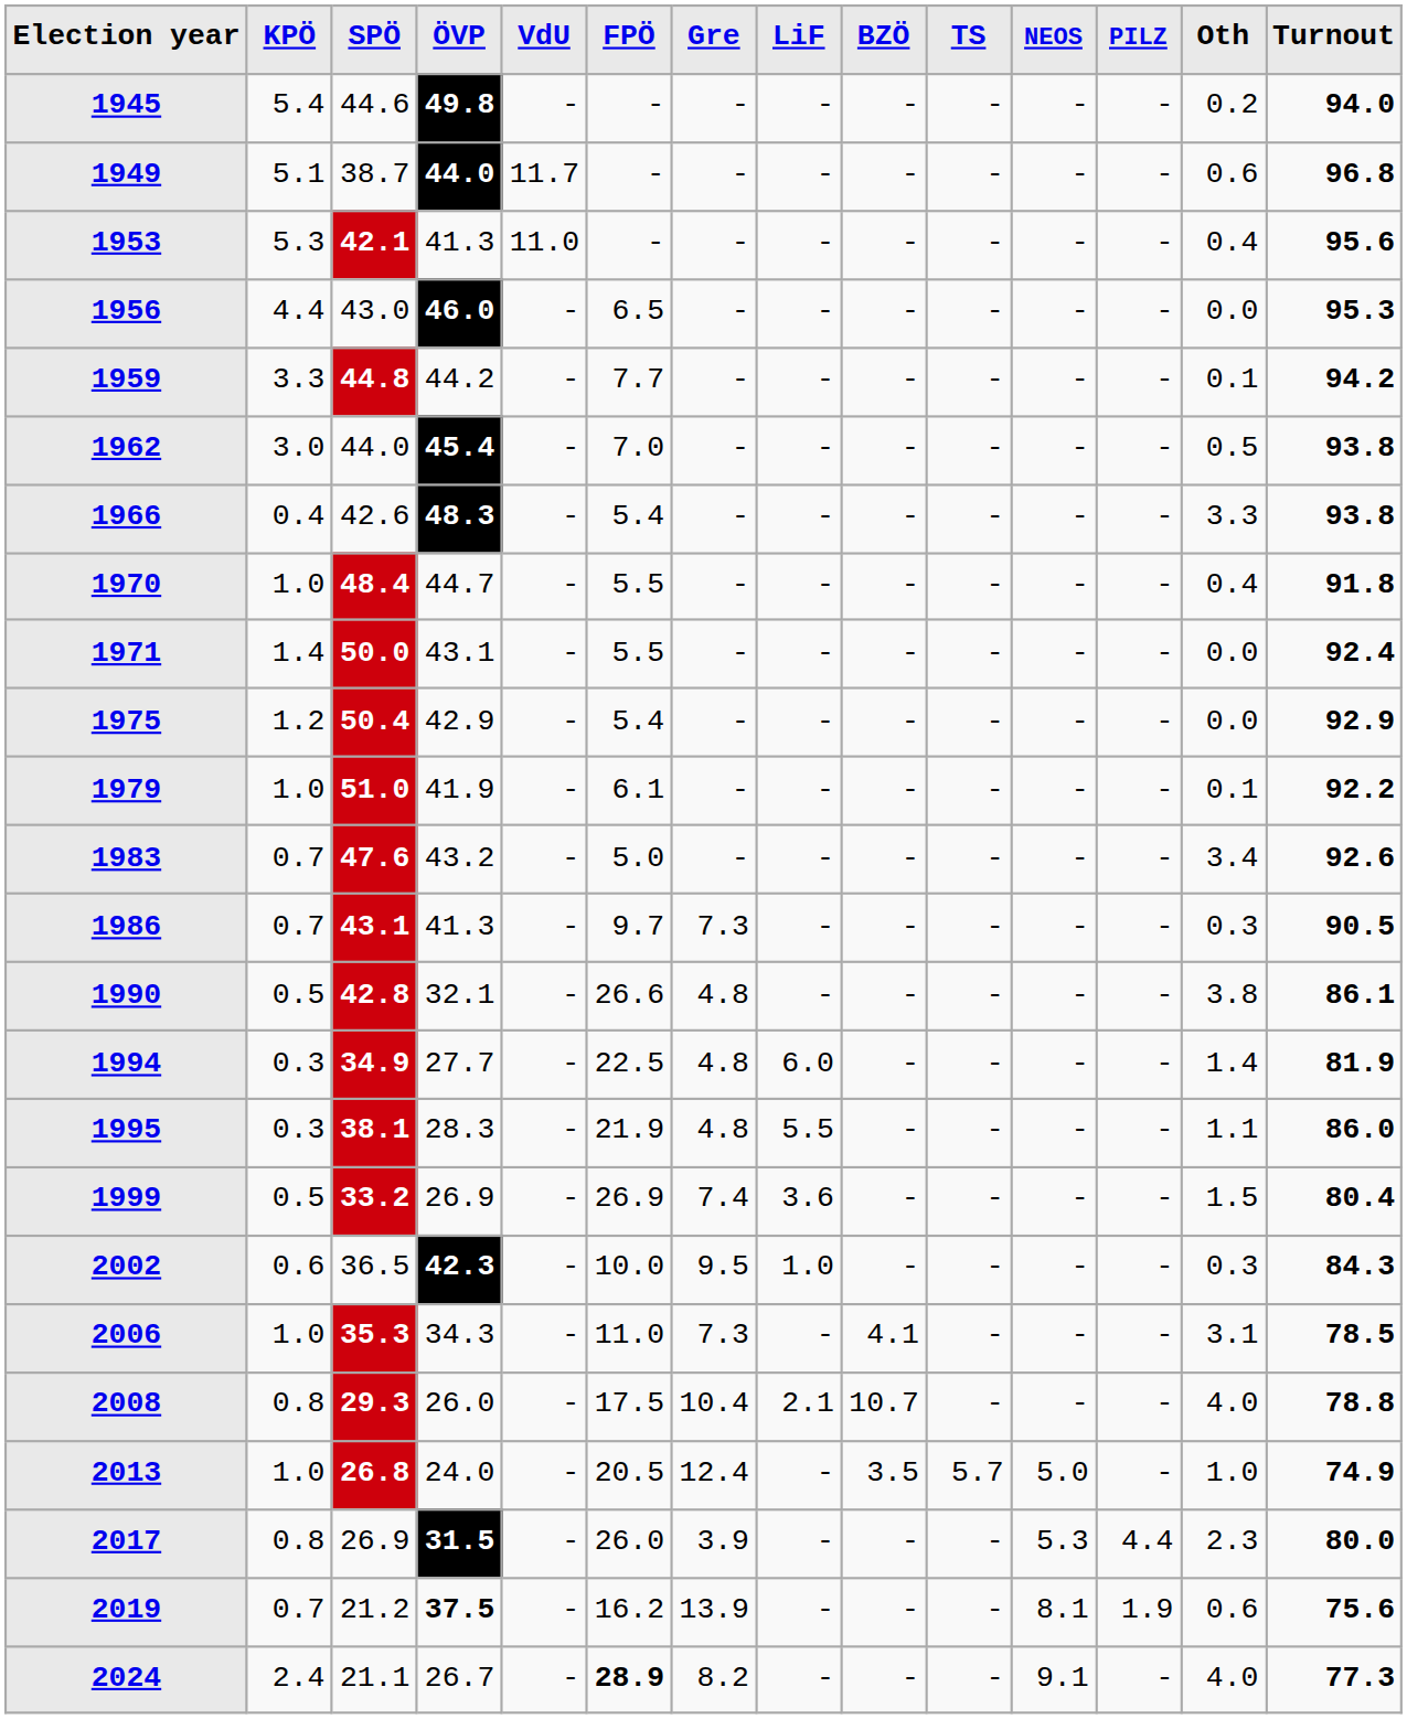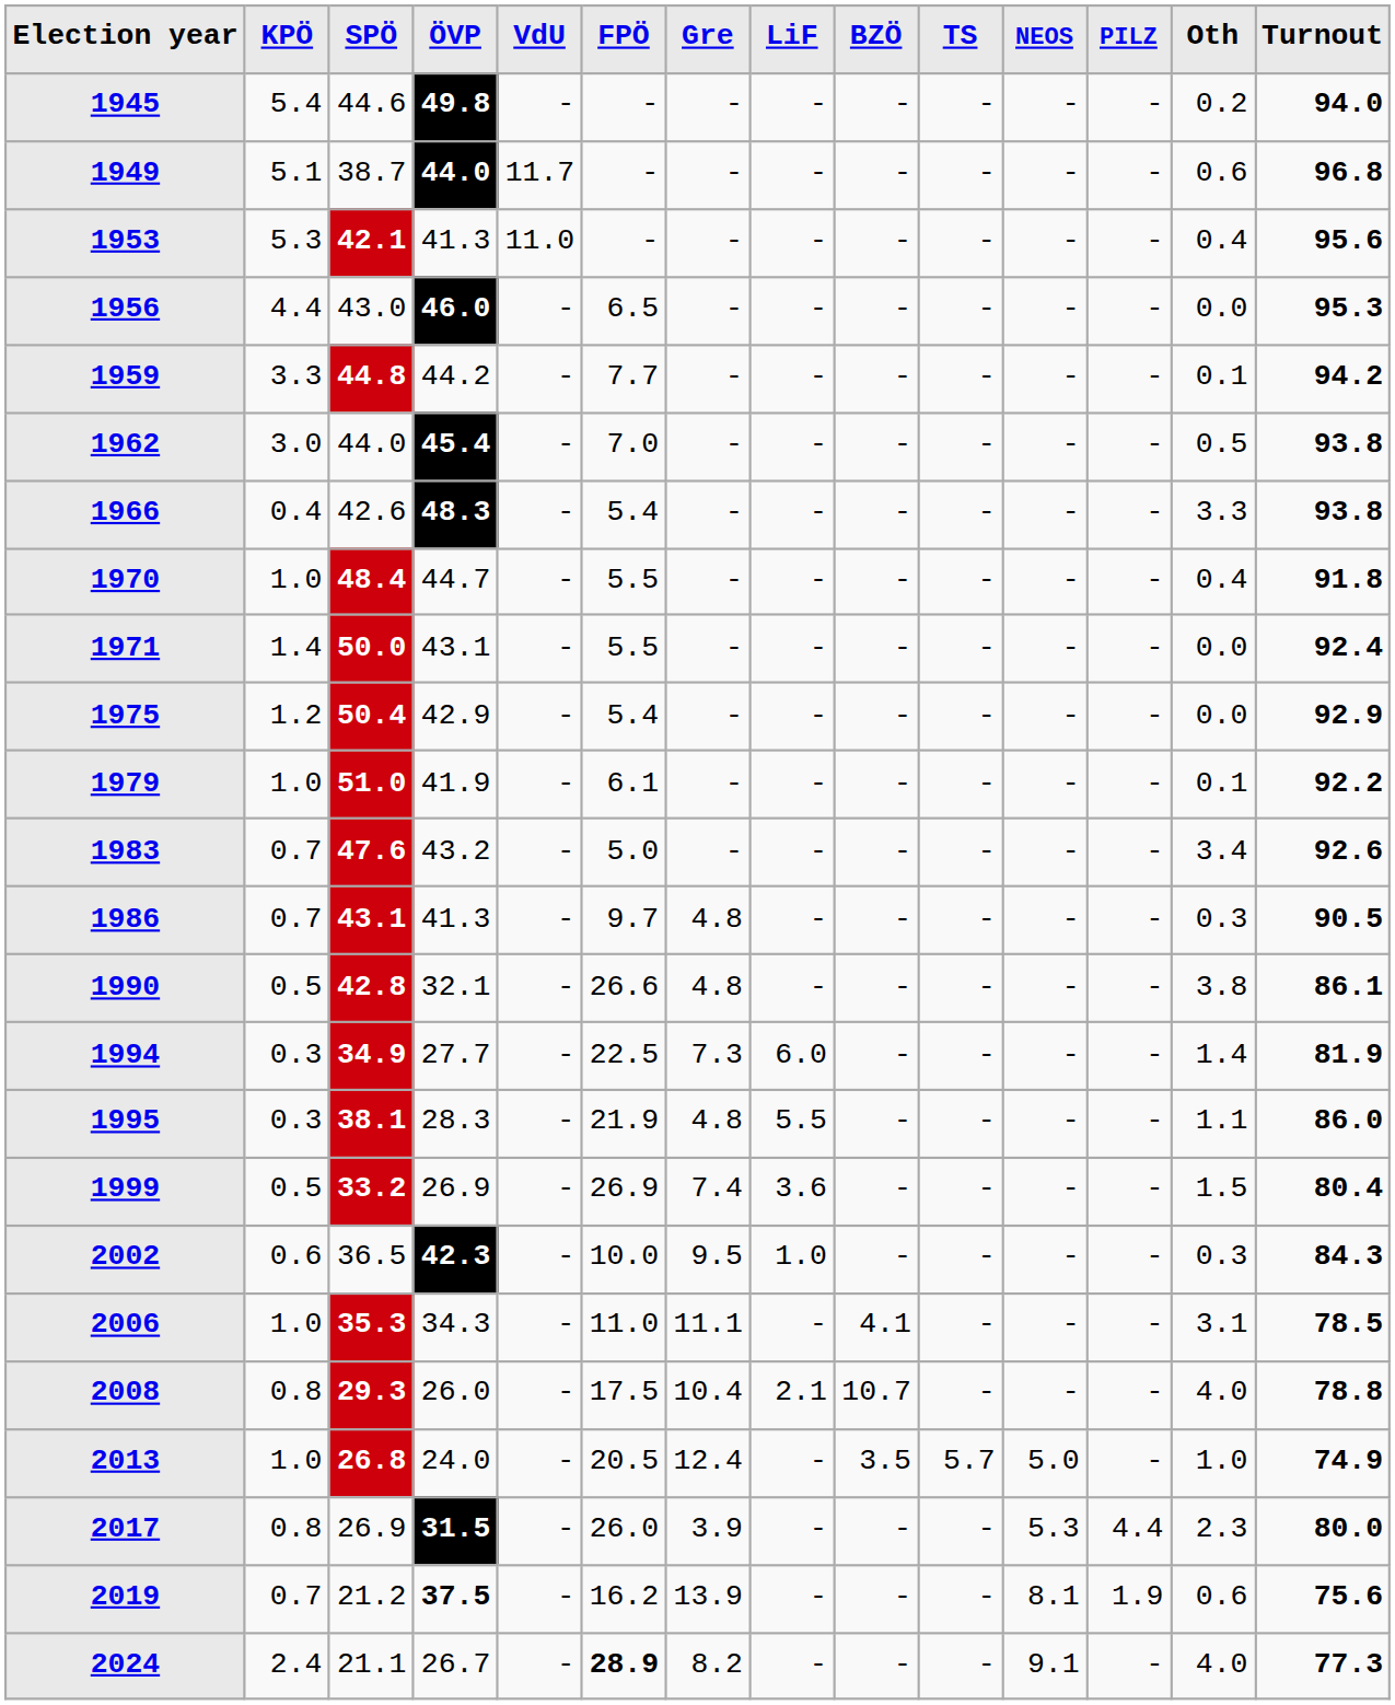 <table class="wikitable" style="text-align:left; font-size:95%; line-height:23px;">
 <tr>
 <th style="background-color:#E9E9E9" align=left valign=top>Election year</th>
 <th style="background-color:#E9E9E9" align=right valign=top><a href='#'>KPÖ</a></th>
 <th style="background-color:#E9E9E9" align=right valign=top><a href='#'>SPÖ</a></th>
 <th style="background-color:#E9E9E9" align=right valign=top><a href='#'>ÖVP</a></th>
 <th style="background-color:#E9E9E9" align=right valign=top><a href='#'>VdU</a></th>
 <th style="background-color:#E9E9E9" align=right valign=top><a href='#'>FPÖ</a></th>
 <th style="background-color:#E9E9E9" align=right valign=top><a href='#'>Gre</a></th>
 <th style="background-color:#E9E9E9" align=right valign=top><a href='#'>LiF</a></th>
 <th style="background-color:#E9E9E9" align=right valign=top><a href='#'>BZÖ</a></th>
 <th style="background-color:#E9E9E9" align=right valign=top><a href='#'>TS</a></th>
 <th style="background-color:#E9E9E9" align=right valign=top><small><a href='#'>NEOS</a></small></th>
 <th style="background-color:#E9E9E9" align=right valign=top><small><a href='#'>PILZ</a></small></th>
 <th style="background-color:#E9E9E9" align=right valign=top>Oth</th>
 <th style="background-color:#E9E9E9" align=right valign=top>Turnout</th>
 </tr>
 <tr>
 <td align=center style="background-color:#E9E9E9"><strong><a href='#'>1945</a></strong></td>
 <td align=right valign="top">5.4</td>
 <td align=right valign="top">44.6</td>
 <td align=right style="background:#000000;; color:white;"><strong>49.8</strong></td>
 <td align=right valign="top">-</td>
 <td align=right valign="top">-</td>
 <td align=right valign="top">-</td>
 <td align=right valign="top">-</td>
 <td align=right valign="top">-</td>
 <td align=right valign="top">-</td>
 <td align=right valign="top">-</td>
 <td align=right valign="top">-</td>
 <td align=right valign="top">0.2</td>
 <td align=right valign="top"><strong>94.0</strong></td>
 </tr>
 <tr>
 <td align=center style="background-color:#E9E9E9"><strong><a href='#'>1949</a></strong></td>
 <td align=right valign="top">5.1</td>
 <td align=right valign="top">38.7</td>
 <td align=right style="background:#000000;; color:white;"><strong>44.0</strong></td>
 <td align=right valign="top">11.7</td>
 <td align=right valign="top">-</td>
 <td align=right valign="top">-</td>
 <td align=right valign="top">-</td>
 <td align=right valign="top">-</td>
 <td align=right valign="top">-</td>
 <td align=right valign="top">-</td>
 <td align=right valign="top">-</td>
 <td align=right valign="top">0.6</td>
 <td align=right valign="top"><strong>96.8</strong></td>
 </tr>
 <tr>
 <td align=center style="background-color:#E9E9E9"><strong><a href='#'>1953</a></strong></td>
 <td align=right valign="top">5.3</td>
 <td align=right style="background:#ce000c;; color:white;"><strong>42.1</strong></td>
 <td align=right valign="top">41.3</td>
 <td align=right valign="top">11.0</td>
 <td align=right valign="top">-</td>
 <td align=right valign="top">-</td>
 <td align=right valign="top">-</td>
 <td align=right valign="top">-</td>
 <td align=right valign="top">-</td>
 <td align=right valign="top">-</td>
 <td align=right valign="top">-</td>
 <td align=right valign="top">0.4</td>
 <td align=right valign="top"><strong>95.6</strong></td>
 </tr>
 <tr>
 <td align=center style="background-color:#E9E9E9"><strong><a href='#'>1956</a></strong></td>
 <td align=right valign="top">4.4</td>
 <td align=right valign="top">43.0</td>
 <td align=right style="background:#000000;; color:white;"><strong>46.0</strong></td>
 <td align=right valign="top">-</td>
 <td align=right valign="top">6.5</td>
 <td align=right valign="top">-</td>
 <td align=right valign="top">-</td>
 <td align=right valign="top">-</td>
 <td align=right valign="top">-</td>
 <td align=right valign="top">-</td>
 <td align=right valign="top">-</td>
 <td align=right valign="top">0.0</td>
 <td align=right valign="top"><strong>95.3</strong></td>
 </tr>
 <tr>
 <td align=center style="background-color:#E9E9E9"><strong><a href='#'>1959</a></strong></td>
 <td align=right valign="top">3.3</td>
 <td align=right style="background:#ce000c;; color:white;"><strong>44.8</strong></td>
 <td align=right valign="top">44.2</td>
 <td align=right valign="top">-</td>
 <td align=right valign="top">7.7</td>
 <td align=right valign="top">-</td>
 <td align=right valign="top">-</td>
 <td align=right valign="top">-</td>
 <td align=right valign="top">-</td>
 <td align=right valign="top">-</td>
 <td align=right valign="top">-</td>
 <td align=right valign="top">0.1</td>
 <td align=right valign="top"><strong>94.2</strong></td>
 </tr>
 <tr>
 <td align=center style="background-color:#E9E9E9"><strong><a href='#'>1962</a></strong></td>
 <td align=right valign="top">3.0</td>
 <td align=right valign="top">44.0</td>
 <td align=right style="background:#000000;; color:white;"><strong>45.4</strong></td>
 <td align=right valign="top">-</td>
 <td align=right valign="top">7.0</td>
 <td align=right valign="top">-</td>
 <td align=right valign="top">-</td>
 <td align=right valign="top">-</td>
 <td align=right valign="top">-</td>
 <td align=right valign="top">-</td>
 <td align=right valign="top">-</td>
 <td align=right valign="top">0.5</td>
 <td align=right valign="top"><strong>93.8</strong></td>
 </tr>
 <tr>
 <td align=center style="background-color:#E9E9E9"><strong><a href='#'>1966</a></strong></td>
 <td align=right valign="top">0.4</td>
 <td align=right valign="top">42.6</td>
 <td align=right style="background:#000000;; color:white;"><strong>48.3</strong></td>
 <td align=right valign="top">-</td>
 <td align=right valign="top">5.4</td>
 <td align=right valign="top">-</td>
 <td align=right valign="top">-</td>
 <td align=right valign="top">-</td>
 <td align=right valign="top">-</td>
 <td align=right valign="top">-</td>
 <td align=right valign="top">-</td>
 <td align=right valign="top">3.3</td>
 <td align=right valign="top"><strong>93.8</strong></td>
 </tr>
 <tr>
 <td align=center style="background-color:#E9E9E9"><strong><a href='#'>1970</a></strong></td>
 <td align=right valign="top">1.0</td>
 <td align=right style="background:#ce000c;; color:white;"><strong>48.4</strong></td>
 <td align=right valign="top">44.7</td>
 <td align=right valign="top">-</td>
 <td align=right valign="top">5.5</td>
 <td align=right valign="top">-</td>
 <td align=right valign="top">-</td>
 <td align=right valign="top">-</td>
 <td align=right valign="top">-</td>
 <td align=right valign="top">-</td>
 <td align=right valign="top">-</td>
 <td align=right valign="top">0.4</td>
 <td align=right valign="top"><strong>91.8</strong></td>
 </tr>
 <tr>
 <td align=center style="background-color:#E9E9E9"><strong><a href='#'>1971</a></strong></td>
 <td align=right valign="top">1.4</td>
 <td align=right style="background:#ce000c;; color:white;"><strong>50.0</strong></td>
 <td align=right valign="top">43.1</td>
 <td align=right valign="top">-</td>
 <td align=right valign="top">5.5</td>
 <td align=right valign="top">-</td>
 <td align=right valign="top">-</td>
 <td align=right valign="top">-</td>
 <td align=right valign="top">-</td>
 <td align=right valign="top">-</td>
 <td align=right valign="top">-</td>
 <td align=right valign="top">0.0</td>
 <td align=right valign="top"><strong>92.4</strong></td>
 </tr>
 <tr>
 <td align=center style="background-color:#E9E9E9"><strong><a href='#'>1975</a></strong></td>
 <td align=right valign="top">1.2</td>
 <td align=right style="background:#ce000c;; color:white;"><strong>50.4</strong></td>
 <td align=right valign="top">42.9</td>
 <td align=right valign="top">-</td>
 <td align=right valign="top">5.4</td>
 <td align=right valign="top">-</td>
 <td align=right valign="top">-</td>
 <td align=right valign="top">-</td>
 <td align=right valign="top">-</td>
 <td align=right valign="top">-</td>
 <td align=right valign="top">-</td>
 <td align=right valign="top">0.0</td>
 <td align=right valign="top"><strong>92.9</strong></td>
 </tr>
 <tr>
 <td align=center style="background-color:#E9E9E9"><strong><a href='#'>1979</a></strong></td>
 <td align=right valign="top">1.0</td>
 <td align=right style="background:#ce000c;; color:white;"><strong>51.0</strong></td>
 <td align=right valign="top">41.9</td>
 <td align=right valign="top">-</td>
 <td align=right valign="top">6.1</td>
 <td align=right valign="top">-</td>
 <td align=right valign="top">-</td>
 <td align=right valign="top">-</td>
 <td align=right valign="top">-</td>
 <td align=right valign="top">-</td>
 <td align=right valign="top">-</td>
 <td align=right valign="top">0.1</td>
 <td align=right valign="top"><strong>92.2</strong></td>
 </tr>
 <tr>
 <td align=center style="background-color:#E9E9E9"><strong><a href='#'>1983</a></strong></td>
 <td align=right valign="top">0.7</td>
 <td align=right style="background:#ce000c;; color:white;"><strong>47.6</strong></td>
 <td align=right valign="top">43.2</td>
 <td align=right valign="top">-</td>
 <td align=right valign="top">5.0</td>
 <td align=right valign="top">-</td>
 <td align=right valign="top">-</td>
 <td align=right valign="top">-</td>
 <td align=right valign="top">-</td>
 <td align=right valign="top">-</td>
 <td align=right valign="top">-</td>
 <td align=right valign="top">3.4</td>
 <td align=right valign="top"><strong>92.6</strong></td>
 </tr>
 <tr>
 <td align=center style="background-color:#E9E9E9"><strong><a href='#'>1986</a></strong></td>
 <td align=right valign="top">0.7</td>
 <td align=right style="background:#ce000c;; color:white;"><strong>43.1</strong></td>
 <td align=right valign="top">41.3</td>
 <td align=right valign="top">-</td>
 <td align=right valign="top">9.7</td>
-<td align=right valign="top">7.3</td>
+<td align=right valign="top">4.8</td>
 <td align=right valign="top">-</td>
 <td align=right valign="top">-</td>
 <td align=right valign="top">-</td>
 <td align=right valign="top">-</td>
 <td align=right valign="top">-</td>
 <td align=right valign="top">0.3</td>
 <td align=right valign="top"><strong>90.5</strong></td>
 </tr>
 <tr>
 <td align=center style="background-color:#E9E9E9"><strong><a href='#'>1990</a></strong></td>
 <td align=right valign="top">0.5</td>
 <td align=right style="background:#ce000c;; color:white;"><strong>42.8</strong></td>
 <td align=right valign="top">32.1</td>
 <td align=right valign="top">-</td>
 <td align=right valign="top">26.6</td>
 <td align=right valign="top">4.8</td>
 <td align=right valign="top">-</td>
 <td align=right valign="top">-</td>
 <td align=right valign="top">-</td>
 <td align=right valign="top">-</td>
 <td align=right valign="top">-</td>
 <td align=right valign="top">3.8</td>
 <td align=right valign="top"><strong>86.1</strong></td>
 </tr>
 <tr>
 <td align=center style="background-color:#E9E9E9"><strong><a href='#'>1994</a></strong></td>
 <td align=right valign="top">0.3</td>
 <td align=right style="background:#ce000c;; color:white;"><strong>34.9</strong></td>
 <td align=right valign="top">27.7</td>
 <td align=right valign="top">-</td>
 <td align=right valign="top">22.5</td>
-<td align=right valign="top">4.8</td>
+<td align=right valign="top">7.3</td>
 <td align=right valign="top">6.0</td>
 <td align=right valign="top">-</td>
 <td align=right valign="top">-</td>
 <td align=right valign="top">-</td>
 <td align=right valign="top">-</td>
 <td align=right valign="top">1.4</td>
 <td align=right valign="top"><strong>81.9</strong></td>
 </tr>
 <tr>
 <td align=center style="background-color:#E9E9E9"><strong><a href='#'>1995</a></strong></td>
 <td align=right valign="top">0.3</td>
 <td align=right style="background:#ce000c;; color:white;"><strong>38.1</strong></td>
 <td align=right valign="top">28.3</td>
 <td align=right valign="top">-</td>
 <td align=right valign="top">21.9</td>
 <td align=right valign="top">4.8</td>
 <td align=right valign="top">5.5</td>
 <td align=right valign="top">-</td>
 <td align=right valign="top">-</td>
 <td align=right valign="top">-</td>
 <td align=right valign="top">-</td>
 <td align=right valign="top">1.1</td>
 <td align=right valign="top"><strong>86.0</strong></td>
 </tr>
 <tr>
 <td align=center style="background-color:#E9E9E9"><strong><a href='#'>1999</a></strong></td>
 <td align=right valign="top">0.5</td>
 <td align=right style="background:#ce000c;; color:white;"><strong>33.2</strong></td>
 <td align=right valign="top">26.9</td>
 <td align=right valign="top">-</td>
 <td align=right valign="top">26.9</td>
 <td align=right valign="top">7.4</td>
 <td align=right valign="top">3.6</td>
 <td align=right valign="top">-</td>
 <td align=right valign="top">-</td>
 <td align=right valign="top">-</td>
 <td align=right valign="top">-</td>
 <td align=right valign="top">1.5</td>
 <td align=right valign="top"><strong>80.4</strong></td>
 </tr>
 <tr>
 <td align=center style="background-color:#E9E9E9"><strong><a href='#'>2002</a></strong></td>
 <td align=right valign="top">0.6</td>
 <td align=right valign="top">36.5</td>
 <td align=right style="background:#000000;; color:white;"><strong>42.3</strong></td>
 <td align=right valign="top">-</td>
 <td align=right valign="top">10.0</td>
 <td align=right valign="top">9.5</td>
 <td align=right valign="top">1.0</td>
 <td align=right valign="top">-</td>
 <td align=right valign="top">-</td>
 <td align=right valign="top">-</td>
 <td align=right valign="top">-</td>
 <td align=right valign="top">0.3</td>
 <td align=right valign="top"><strong>84.3</strong></td>
 </tr>
 <tr>
 <td align=center style="background-color:#E9E9E9"><strong><a href='#'>2006</a></strong></td>
 <td align=right valign="top">1.0</td>
 <td align=right style="background:#ce000c;; color:white;"><strong>35.3</strong></td>
 <td align=right valign="top">34.3</td>
 <td align=right valign="top">-</td>
 <td align=right valign="top">11.0</td>
-<td align=right valign="top">7.3</td>
+<td align=right valign="top">11.1</td>
 <td align=right valign="top">-</td>
 <td align=right valign="top">4.1</td>
 <td align=right valign="top">-</td>
 <td align=right valign="top">-</td>
 <td align=right valign="top">-</td>
 <td align=right valign="top">3.1</td>
 <td align=right valign="top"><strong>78.5</strong></td>
 </tr>
 <tr>
 <td align=center style="background-color:#E9E9E9"><strong><a href='#'>2008</a></strong></td>
 <td align=right valign="top">0.8</td>
 <td align=right style="background:#ce000c;; color:white;"><strong>29.3</strong></td>
 <td align=right valign="top">26.0</td>
 <td align=right valign="top">-</td>
 <td align=right valign="top">17.5</td>
 <td align=right valign="top">10.4</td>
 <td align=right valign="top">2.1</td>
 <td align=right valign="top">10.7</td>
 <td align=right valign="top">-</td>
 <td align=right valign="top">-</td>
 <td align=right valign="top">-</td>
 <td align=right valign="top">4.0</td>
 <td align=right valign="top"><strong>78.8</strong></td>
 </tr>
 <tr>
 <td align=center style="background-color:#E9E9E9"><strong><a href='#'>2013</a></strong></td>
 <td align=right valign="top">1.0</td>
 <td align=right style="background:#ce000c;; color:white;"><strong>26.8</strong></td>
 <td align=right valign="top">24.0</td>
 <td align=right valign="top">-</td>
 <td align=right valign="top">20.5</td>
 <td align=right valign="top">12.4</td>
 <td align=right valign="top">-</td>
 <td align=right valign="top">3.5</td>
 <td align=right valign="top">5.7</td>
 <td align=right valign="top">5.0</td>
 <td align=right valign="top">-</td>
 <td align=right valign="top">1.0</td>
 <td align=right valign="top"><strong>74.9</strong></td>
 </tr>
 <tr>
 <td align=center style="background-color:#E9E9E9"><strong><a href='#'>2017</a></strong></td>
 <td width="30" align=right valign="top">0.8</td>
 <td width="30" align=right valign="top">26.9</td>
 <td width="30" align=right style="background:#000000;; color:white;"><strong>31.5</strong></td>
 <td width="30" align=right valign="top">-</td>
 <td width="30" align=right valign="top">26.0</td>
 <td width="30" align=right valign="top">3.9</td>
 <td width="30" align=right valign="top">-</td>
 <td width="30" align=right valign="top">-</td>
 <td width="30" align=right valign="top">-</td>
 <td width="30" align=right valign="top">5.3</td>
 <td width="30" align=right valign="top">4.4</td>
 <td width="30" align=right valign="top">2.3</td>
 <td width="30" align=right valign="top"><strong>80.0</strong></td>
 </tr>
 <tr>
 <td align=center style="background-color:#E9E9E9"><strong><a href='#'>2019</a></strong></td>
 <td width="30" align=right valign="top">0.7</td>
 <td width="30" align=right valign="top">21.2</td>
 <td width="30" align=right style="background:"><strong>37.5</strong></td>
 <td width="30" align=right valign="top">-</td>
 <td width="30" align=right valign="top">16.2</td>
 <td width="30" align=right valign="top">13.9</td>
 <td width="30" align=right valign="top">-</td>
 <td width="30" align=right valign="top">-</td>
 <td width="30" align=right valign="top">-</td>
 <td width="30" align=right valign="top">8.1</td>
 <td width="30" align=right valign="top">1.9</td>
 <td width="30" align=right valign="top">0.6</td>
 <td width="30" align=right valign="top"><strong>75.6</strong></td>
 </tr>
 <tr>
 <td align=center style="background-color:#E9E9E9"><strong><a href='#'>2024</a></strong></td>
 <td width="30" align=right valign="top">2.4</td>
 <td width="30" align=right valign="top">21.1</td>
 <td width="30" align=right valign="top">26.7</td>
 <td width="30" align=right valign="top">-</td>
 <td width="30" align=right style="background:"><strong>28.9</strong></td>
 <td width="30" align=right valign="top">8.2</td>
 <td width="30" align=right valign="top">-</td>
 <td width="30" align=right valign="top">-</td>
 <td width="30" align=right valign="top">-</td>
 <td width="30" align=right valign="top">9.1</td>
 <td width="30" align=right valign="top">-</td>
 <td width="30" align=right valign="top">4.0</td>
 <td width="30" align=right valign="top"><strong>77.3</strong></td>
 </tr>
 </table>
